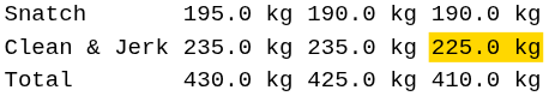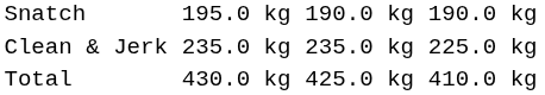 <table>
 <tr>
 <td>Snatch</td>
 <td></td>
 <td>195.0 kg</td>
 <td></td>
 <td>190.0 kg</td>
 <td></td>
 <td>190.0 kg</td>
 </tr>
 <tr>
 <td>Clean & Jerk</td>
 <td></td>
 <td>235.0 kg</td>
 <td></td>
 <td>235.0 kg</td>
 <td></td>
-<td style="background: gold;">225.0 kg</td>
+<td>225.0 kg</td>
 </tr>
 <tr>
 <td>Total</td>
 <td></td>
 <td>430.0 kg</td>
 <td></td>
 <td>425.0 kg</td>
 <td></td>
 <td>410.0 kg</td>
 </tr>
 </table>
